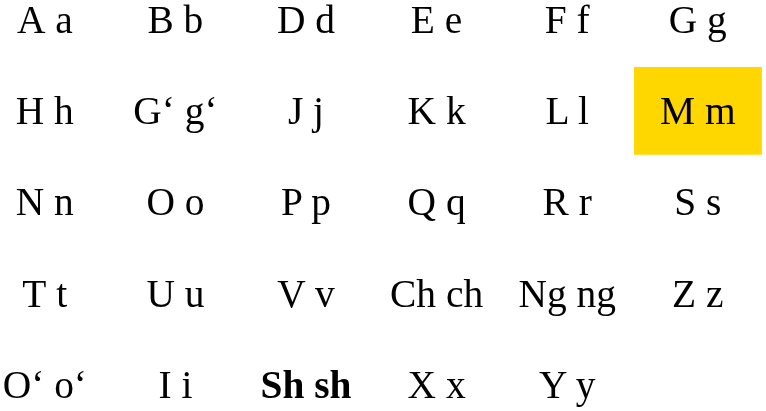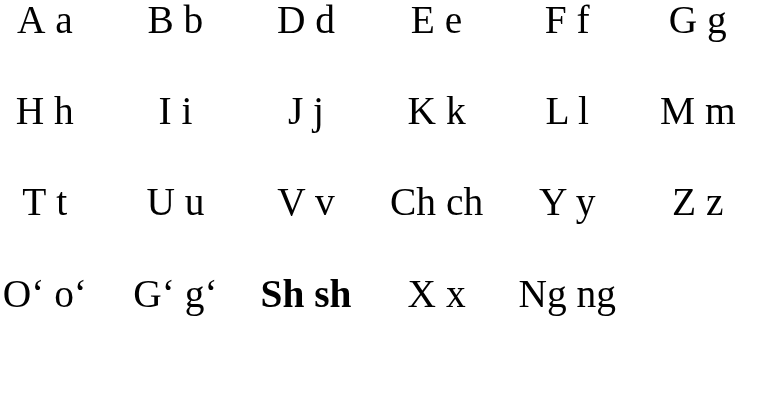 <table class="standard" cellpadding="5" style="font-size: 1.6em; font-family:'Times New Roman', serif; line-height: 2em; text-align: center;">
 <tr>
 <td style="width:3em; text-align:center; padding: 3px;">А а</td>
 <td style="width:3em; text-align:center; padding: 3px;">B b</td>
 <td style="width:3em; text-align:center; padding: 3px;">D d</td>
 <td style="width:3em; text-align:center; padding: 3px;">Е е</td>
 <td style="width:3em; text-align:center; padding: 3px;">F f</td>
 <td style="width:3em; text-align:center; padding: 3px;">G g</td>
 </tr>
 <tr>
 <td style="width:3em; text-align:center; padding: 3px;">H h</td>
-<td style="width:3em; text-align:center; padding: 3px;">Gʻ gʻ</td>
+<td style="width:3em; text-align:center; padding: 3px;">I i</td>
 <td style="width:3em; text-align:center; padding: 3px;">J j</td>
 <td style="width:3em; text-align:center; padding: 3px;">K k</td>
 <td style="width:3em; text-align:center; padding: 3px;">L l</td>
-<td style="background: gold; width:3em; text-align:center; padding: 3px;">М m</td>
-</tr>
-<tr>
-<td style="width:3em; text-align:center; padding: 3px;">N n</td>
-<td style="width:3em; text-align:center; padding: 3px;">О о</td>
-<td style="width:3em; text-align:center; padding: 3px;">P p</td>
-<td style="width:3em; text-align:center; padding: 3px;">Q q</td>
-<td style="width:3em; text-align:center; padding: 3px;">R r</td>
-<td style="width:3em; text-align:center; padding: 3px;">S s</td>
+<td style="width:3em; text-align:center; padding: 3px;">М m</td>
 </tr>
 <tr>
 <td style="width:3em; text-align:center; padding: 3px;">Т t</td>
 <td style="width:3em; text-align:center; padding: 3px;">U u</td>
 <td style="width:3em; text-align:center; padding: 3px;">V v</td>
 <td style="width:3em; text-align:center; padding: 3px;">Ch ch</td>
-<td style="width:3em; text-align:center; padding: 3px;">Ng ng</td>
+<td style="width:3em; text-align:center; padding: 3px;">Y y</td>
 <td style="width:3em; text-align:center; padding: 3px;">Z z</td>
 </tr>
 <tr>
 <td style="width:3em; text-align:center; padding: 3px;">Oʻ oʻ</td>
-<td style="width:3em; text-align:center; padding: 3px;">I i</td>
+<td style="width:3em; text-align:center; padding: 3px;">Gʻ gʻ</td>
 <td style="width:3em; text-align:center; padding: 3px;"><strong>Sh sh</strong></td>
 <td style="width:3em; text-align:center; padding: 3px;">X x</td>
-<td style="width:3em; text-align:center; padding: 3px;">Y y</td>
+<td style="width:3em; text-align:center; padding: 3px;">Ng ng</td>
 <td style="width:3em; text-align:center; padding: 3px;"></td>
 </tr>
 </table>
